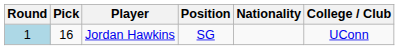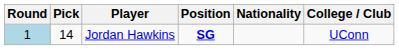 <table class="wikitable sortable sortable">
 <tr>
 <th style="background:#">Round</th>
 <th style="background:#">Pick</th>
 <th style="background:#">Player</th>
 <th style="background:#">Position</th>
 <th style="background:#">Nationality</th>
 <th style="background:#">College / Club</th>
 </tr>
 <tr style="text-align: center">
 <td style="background: lightblue;">1</td>
-<td>16</td>
+<td>14</td>
 <td><a href='#'>Jordan Hawkins</a></td>
-<td><a href='#'>SG</a></td>
+<td><strong><a href='#'>SG</a></strong></td>
 <td></td>
 <td><a href='#'>UConn</a> </td>
 </tr>
 </table>
